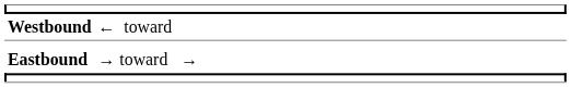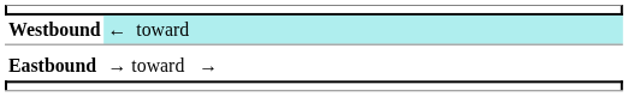 <table table border="0" cellspacing="0" cellpadding="3">
 <tr>
 <td style="border-top:solid 1px gray;border-right:solid 2px black;border-left:solid 2px black;border-bottom:solid 2px black;text-align:center;" colspan="2"></td>
 </tr>
 <tr>
 <td><strong>Westbound</strong></td>
-<td width="430">←  toward  </td>
+<td width="430" style="background: paleturquoise;">←  toward  </td>
 </tr>
 <tr>
 <td style="border-top:solid 1px gray;" colspan="2"></td>
 </tr>
 <tr>
 <td><strong>Eastbound</strong></td>
 <td><span>→</span>  toward   →</td>
 </tr>
 <tr>
 <td style="border-top:solid 2px black;border-right:solid 2px black;border-left:solid 2px black;text-align:center;" colspan="2"></td>
 </tr>
 <tr>
 <td style="border-top:solid 1px gray;" colspan="2"></td>
 </tr>
 </table>
